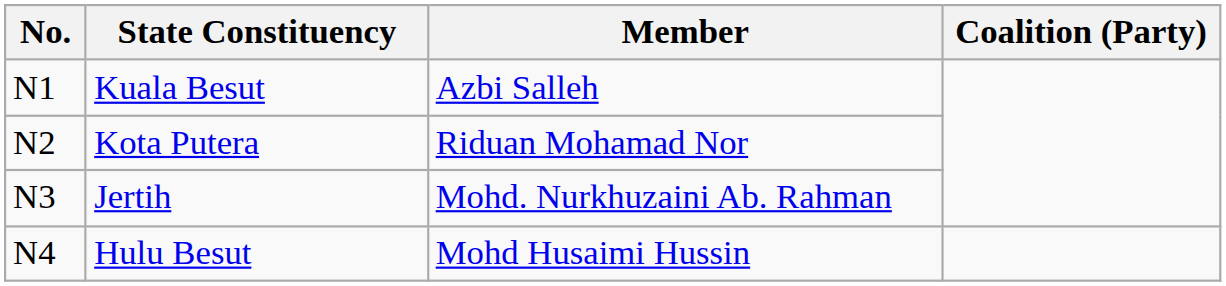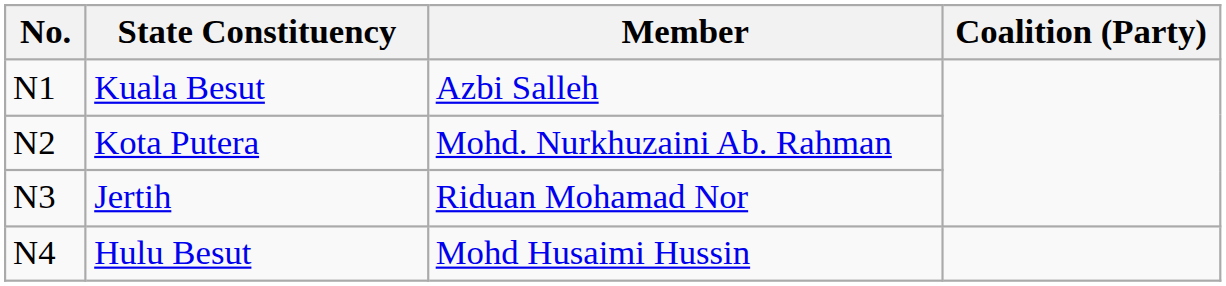 <table class="wikitable">
 <tr>
 <th width="30">No.</th>
 <th width="150">State Constituency</th>
 <th width="230">Member</th>
 <th width="120">Coalition (Party)</th>
 </tr>
 <tr>
 <td>N1</td>
 <td><a href='#'>Kuala Besut</a></td>
 <td><a href='#'>Azbi Salleh</a></td>
 <td rowspan=3></td>
 </tr>
 <tr>
 <td>N2</td>
 <td><a href='#'>Kota Putera</a></td>
-<td><a href='#'>Riduan Mohamad Nor</a></td>
+<td><a href='#'>Mohd. Nurkhuzaini Ab. Rahman</a></td>
 </tr>
 <tr>
 <td>N3</td>
 <td><a href='#'>Jertih</a></td>
-<td><a href='#'>Mohd. Nurkhuzaini Ab. Rahman</a></td>
+<td><a href='#'>Riduan Mohamad Nor</a></td>
 </tr>
 <tr>
 <td>N4</td>
 <td><a href='#'>Hulu Besut</a></td>
 <td><a href='#'>Mohd Husaimi Hussin</a></td>
 <td></td>
 </tr>
 </table>
